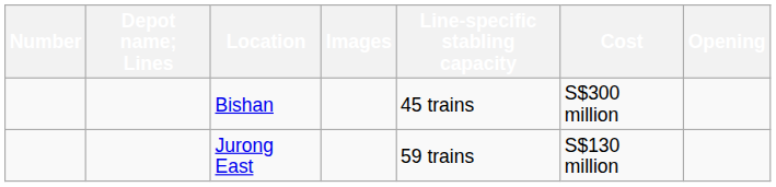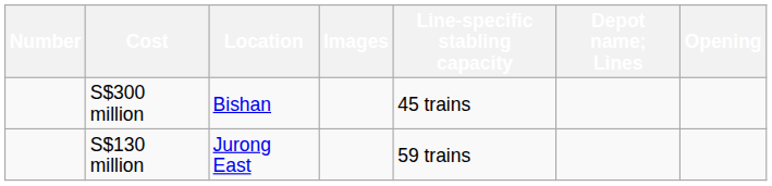 <table class="wikitable" style="color: black; border-collapse: collapse; font-size: 95%">
 <tr>
 <th scope="col" style="color: white; background:#">Number</th>
-<th scope="col" style="color: white; background:#">Depot name;<br>Lines</th>
+<th scope="col" style="color: white; background:#">Cost</th>
 <th scope="col" style="color: white; background:#">Location</th>
 <th scope="col" style="color: white; background:#">Images</th>
 <th scope="col" style="color: white; background:#">Line-specific<br>stabling capacity</th>
-<th scope="col" style="color: white; background:#">Cost</th>
+<th scope="col" style="color: white; background:#">Depot name;<br>Lines</th>
 <th scope="col" style="color: white; background:#">Opening</th>
 </tr>
 <tr>
 <td></td>
-<td> </td>
+<td>S$300 million</td>
 <td><a href='#'>Bishan</a></td>
 <td></td>
 <td>45 trains</td>
-<td>S$300 million</td>
+<td> </td>
 <td></td>
 </tr>
 <tr>
 <td></td>
-<td>  <br>  </td>
+<td>S$130 million</td>
 <td><a href='#'>Jurong East</a></td>
 <td></td>
 <td>59 trains</td>
-<td>S$130 million</td>
+<td>  <br>  </td>
 <td></td>
 </tr>
 </table>
